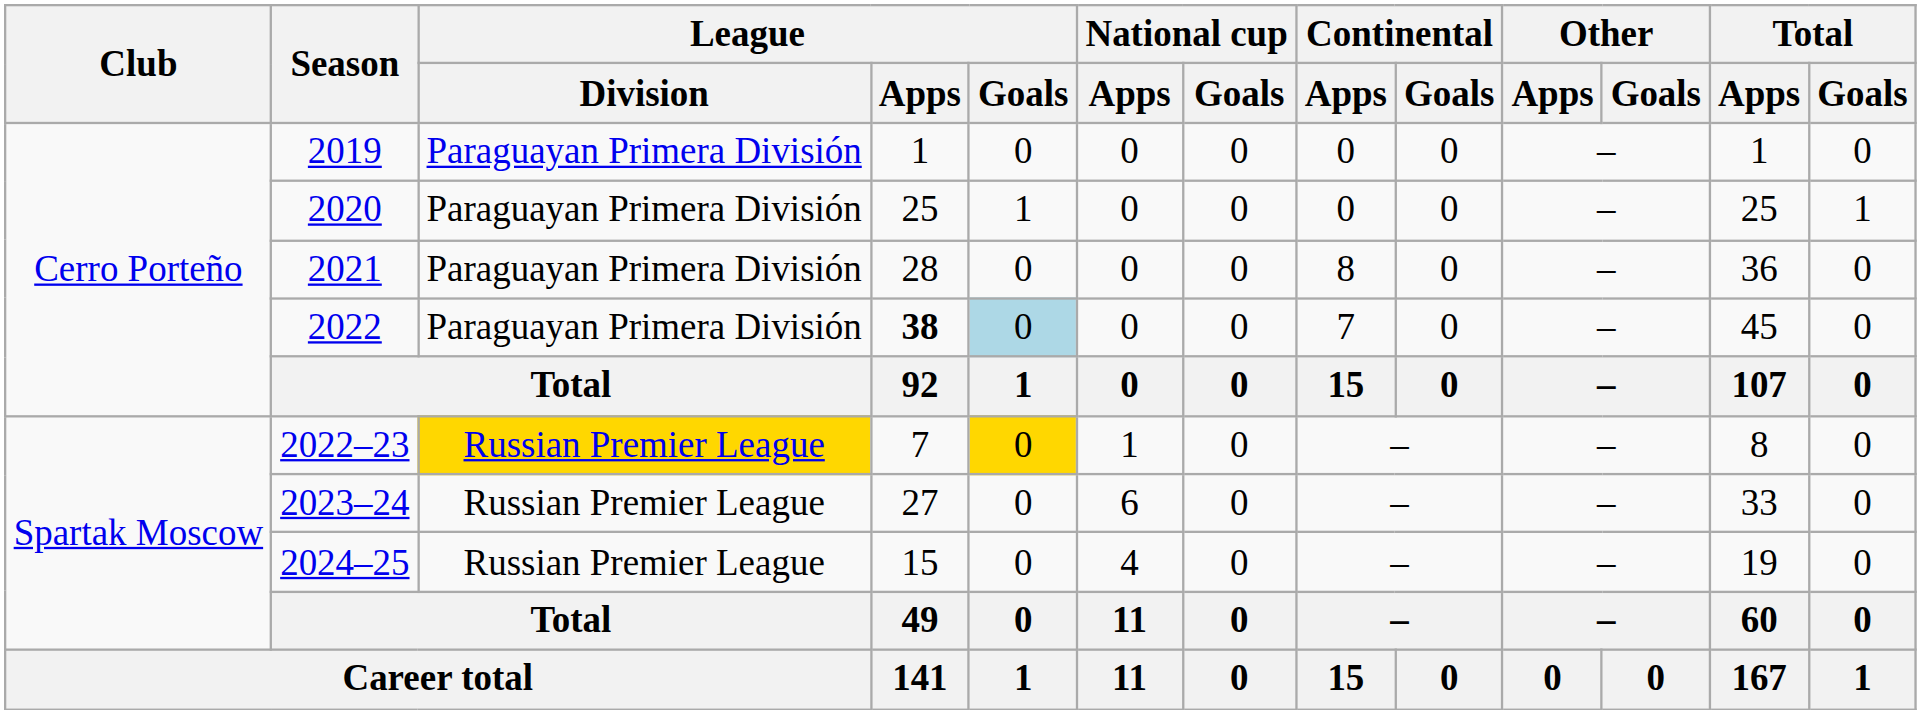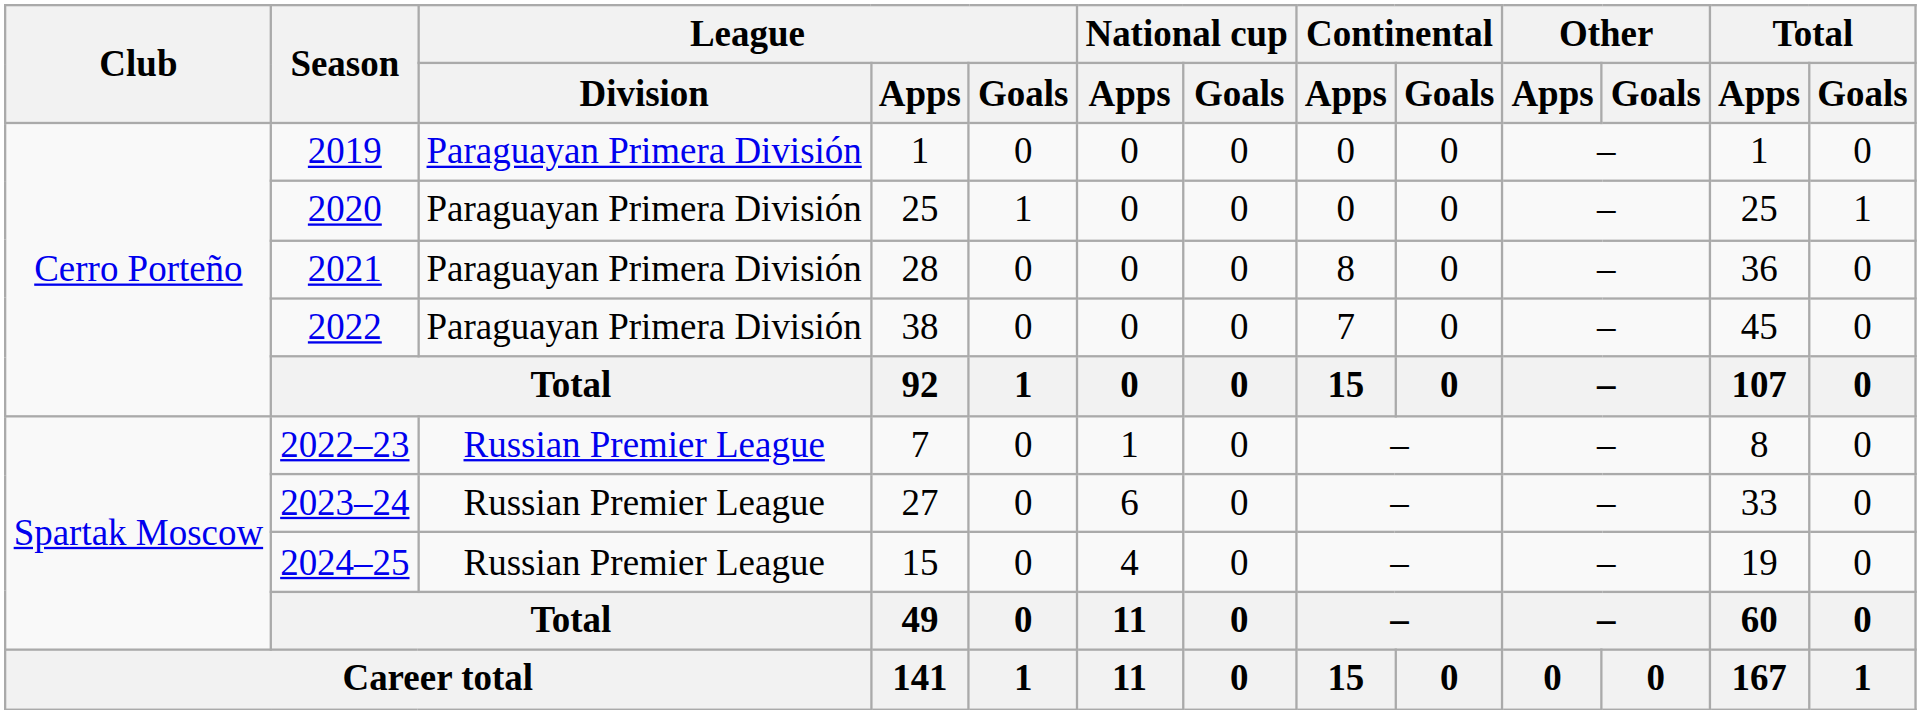 <table class="wikitable" style="text-align: center;">
 <tr>
 <th rowspan=2>Club</th>
 <th rowspan=2>Season</th>
 <th colspan=3>League</th>
 <th colspan=2>National cup</th>
 <th colspan=2>Continental</th>
 <th colspan=2>Other</th>
 <th colspan=2>Total</th>
 </tr>
 <tr>
 <th>Division</th>
 <th>Apps</th>
 <th>Goals</th>
 <th>Apps</th>
 <th>Goals</th>
 <th>Apps</th>
 <th>Goals</th>
 <th>Apps</th>
 <th>Goals</th>
 <th>Apps</th>
 <th>Goals</th>
 </tr>
 <tr>
 <td rowspan="5"><a href='#'>Cerro Porteño</a></td>
 <td><a href='#'>2019</a></td>
 <td><a href='#'>Paraguayan Primera División</a></td>
 <td>1</td>
 <td>0</td>
 <td>0</td>
 <td>0</td>
 <td>0</td>
 <td>0</td>
 <td colspan=2>–</td>
 <td>1</td>
 <td>0</td>
 </tr>
 <tr>
 <td><a href='#'>2020</a></td>
 <td>Paraguayan Primera División</td>
 <td>25</td>
 <td>1</td>
 <td>0</td>
 <td>0</td>
 <td>0</td>
 <td>0</td>
 <td colspan=2>–</td>
 <td>25</td>
 <td>1</td>
 </tr>
 <tr>
 <td><a href='#'>2021</a></td>
 <td>Paraguayan Primera División</td>
 <td>28</td>
 <td>0</td>
 <td>0</td>
 <td>0</td>
 <td>8</td>
 <td>0</td>
 <td colspan=2>–</td>
 <td>36</td>
 <td>0</td>
 </tr>
 <tr>
 <td><a href='#'>2022</a></td>
 <td>Paraguayan Primera División</td>
-<td><strong>38</strong></td>
-<td style="background: lightblue;">0</td>
+<td>38</td>
+<td>0</td>
 <td>0</td>
 <td>0</td>
 <td>7</td>
 <td>0</td>
 <td colspan=2>–</td>
 <td>45</td>
 <td>0</td>
 </tr>
 <tr>
 <th colspan="2">Total</th>
 <th>92</th>
 <th>1</th>
 <th>0</th>
 <th>0</th>
 <th>15</th>
 <th>0</th>
 <th colspan="2">–</th>
 <th>107</th>
 <th>0</th>
 </tr>
 <tr>
 <td rowspan="4"><a href='#'>Spartak Moscow</a></td>
 <td><a href='#'>2022–23</a></td>
-<td style="background: gold;"><a href='#'>Russian Premier League</a></td>
+<td><a href='#'>Russian Premier League</a></td>
 <td>7</td>
-<td style="background: gold;">0</td>
+<td>0</td>
 <td>1</td>
 <td>0</td>
 <td colspan="2">–</td>
 <td colspan="2">–</td>
 <td>8</td>
 <td>0</td>
 </tr>
 <tr>
 <td><a href='#'>2023–24</a></td>
 <td>Russian Premier League</td>
 <td>27</td>
 <td>0</td>
 <td>6</td>
 <td>0</td>
 <td colspan=2>–</td>
 <td colspan=2>–</td>
 <td>33</td>
 <td>0</td>
 </tr>
 <tr>
 <td><a href='#'>2024–25</a></td>
 <td>Russian Premier League</td>
 <td>15</td>
 <td>0</td>
 <td>4</td>
 <td>0</td>
 <td colspan=2>–</td>
 <td colspan=2>–</td>
 <td>19</td>
 <td>0</td>
 </tr>
 <tr>
 <th colspan="2">Total</th>
 <th>49</th>
 <th>0</th>
 <th>11</th>
 <th>0</th>
 <th colspan=2>–</th>
 <th colspan=2>–</th>
 <th>60</th>
 <th>0</th>
 </tr>
 <tr>
 <th colspan="3">Career total</th>
 <th>141</th>
 <th>1</th>
 <th>11</th>
 <th>0</th>
 <th>15</th>
 <th>0</th>
 <th>0</th>
 <th>0</th>
 <th>167</th>
 <th>1</th>
 </tr>
 </table>
